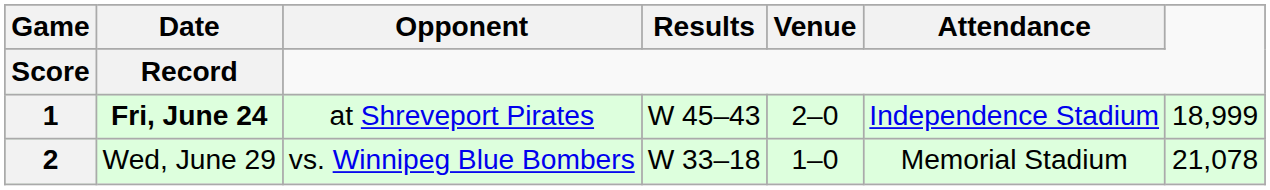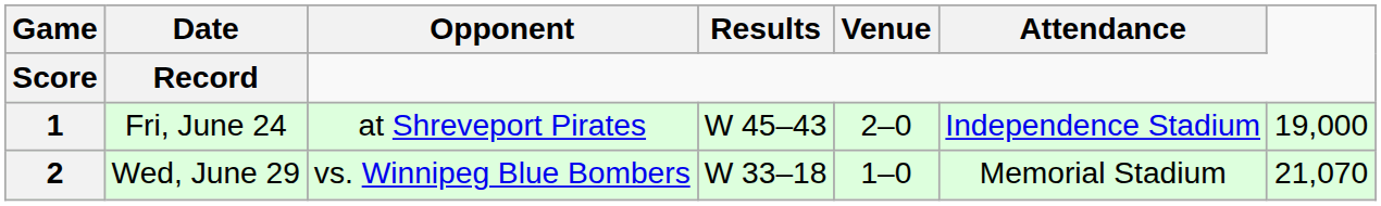 <table class="wikitable" style="text-align:center">
 <tr>
 <th>Game</th>
 <th>Date</th>
 <th>Opponent</th>
 <th>Results</th>
 <th>Venue</th>
 <th>Attendance</th>
 </tr>
 <tr>
 <th>Score</th>
 <th>Record</th>
 </tr>
 <tr style="background:#ddffdd">
 <th>1</th>
-<td><strong>Fri, June 24</strong></td>
+<td>Fri, June 24</td>
 <td>at <a href='#'>Shreveport Pirates</a></td>
 <td>W 45–43</td>
 <td>2–0</td>
 <td><a href='#'>Independence Stadium</a></td>
-<td>18,999</td>
+<td>19,000</td>
 </tr>
 <tr style="background:#ddffdd">
 <th>2</th>
 <td>Wed, June 29</td>
 <td>vs. <a href='#'>Winnipeg Blue Bombers</a></td>
 <td>W 33–18</td>
 <td>1–0</td>
 <td>Memorial Stadium</td>
-<td>21,078</td>
+<td>21,070</td>
 </tr>
 </table>
